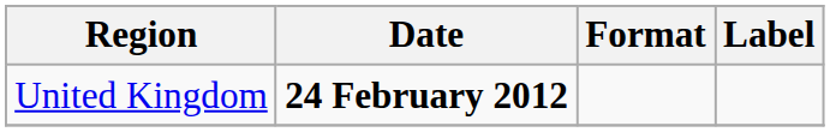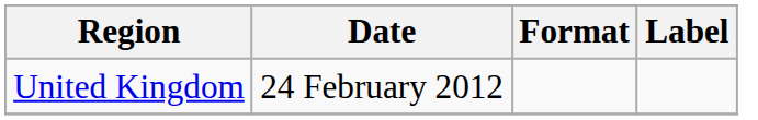 <table class=wikitable>
 <tr>
 <th>Region</th>
 <th>Date</th>
 <th>Format</th>
 <th>Label</th>
 </tr>
 <tr>
 <td><a href='#'>United Kingdom</a></td>
-<td><strong>24 February 2012</strong></td>
+<td>24 February 2012</td>
 <td></td>
 <td></td>
 </tr>
 <tr>
 </tr>
 </table>
